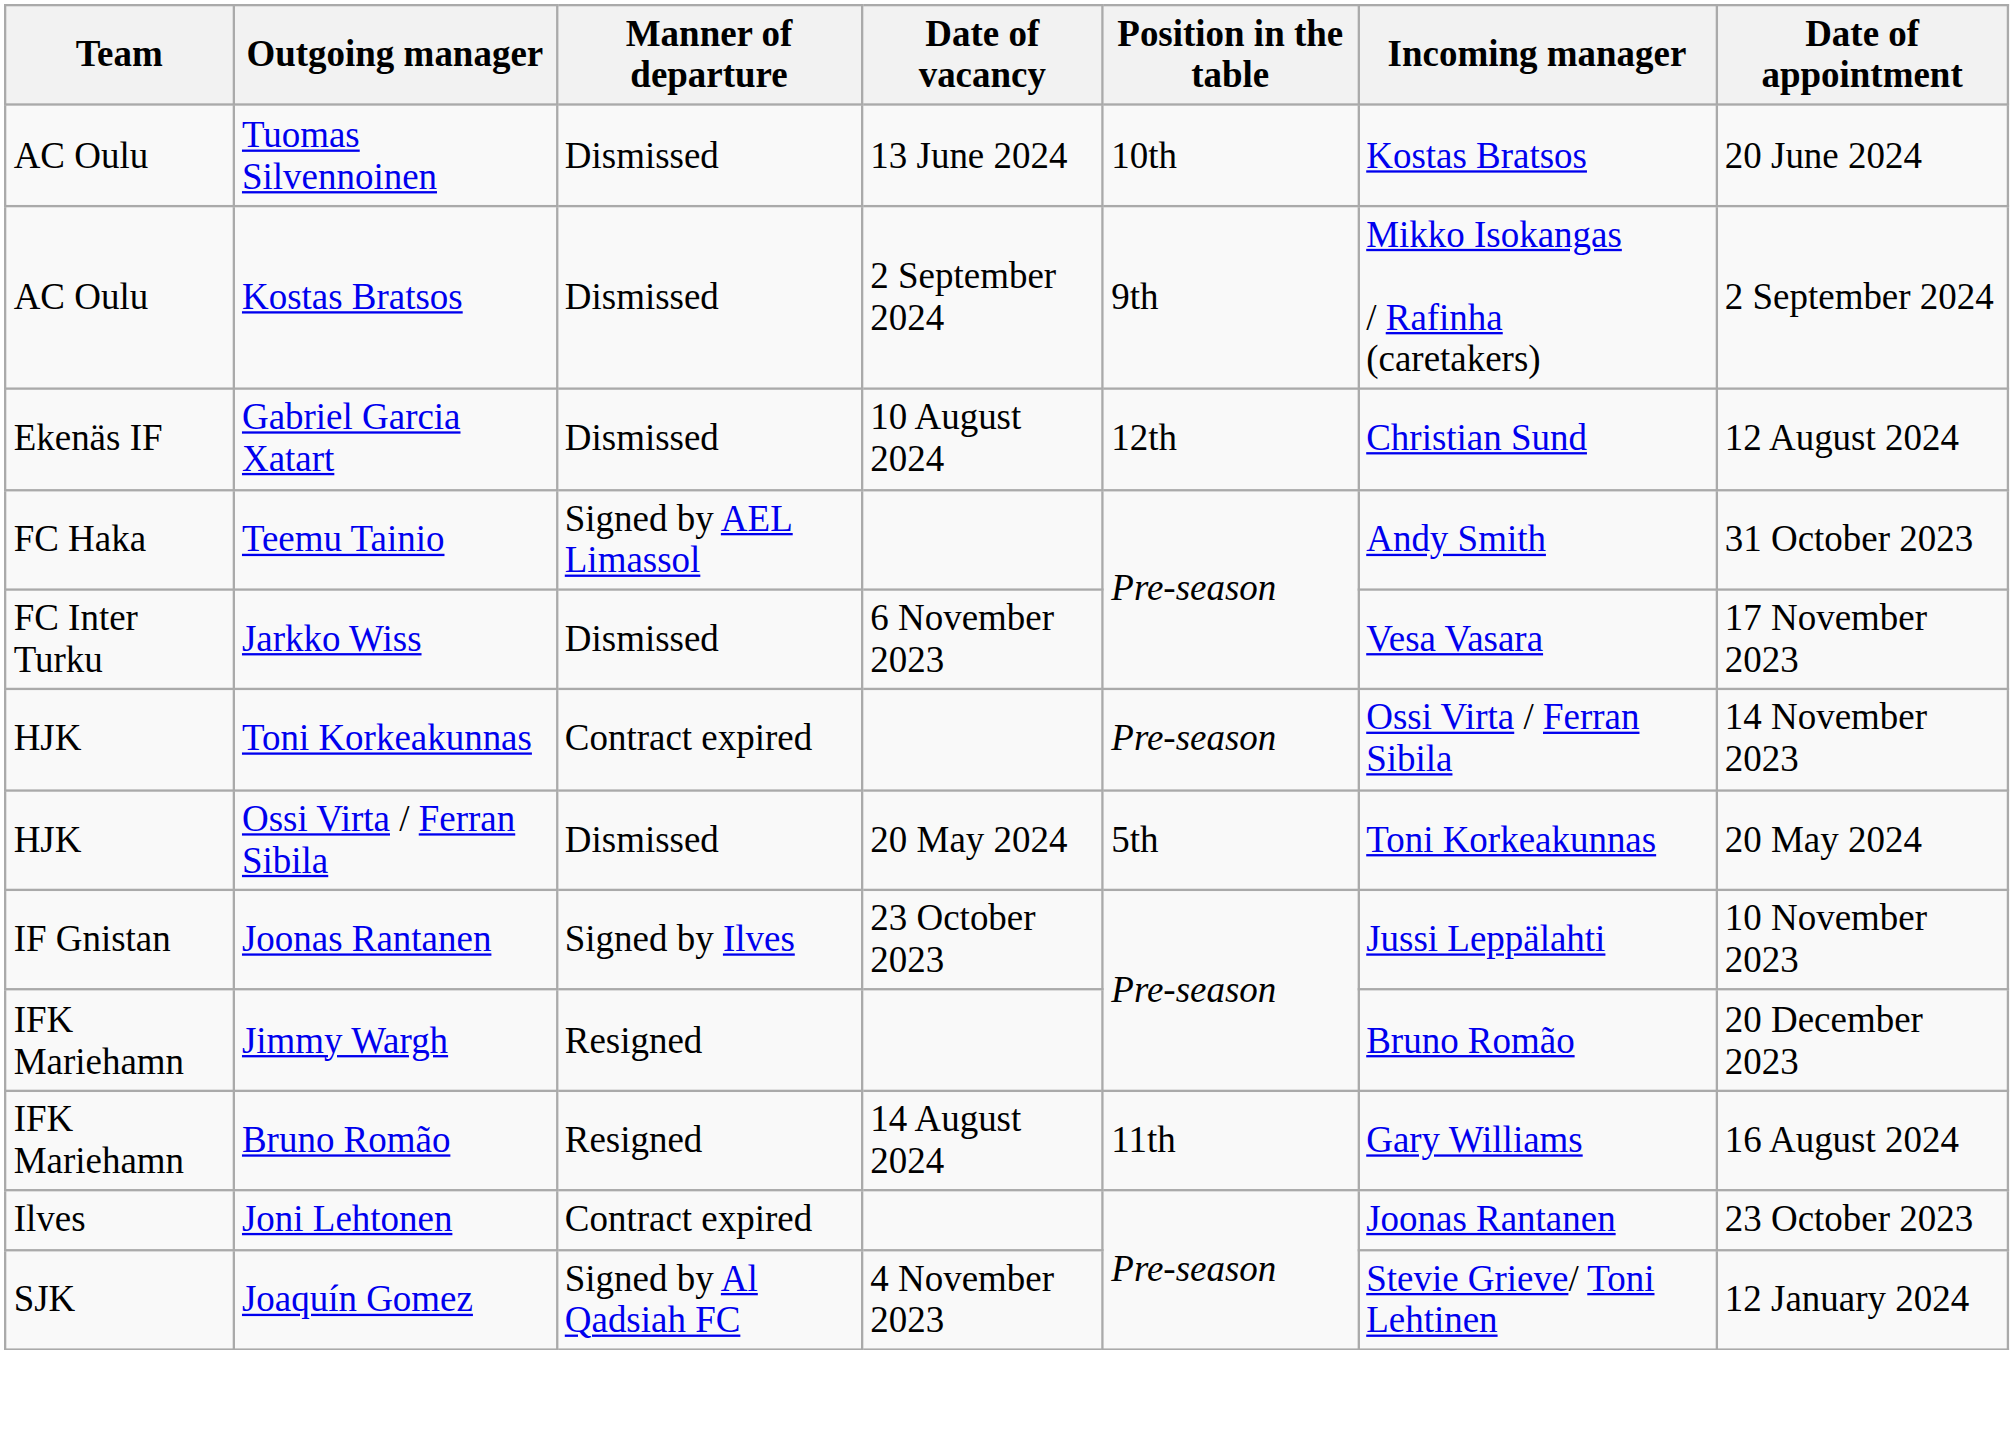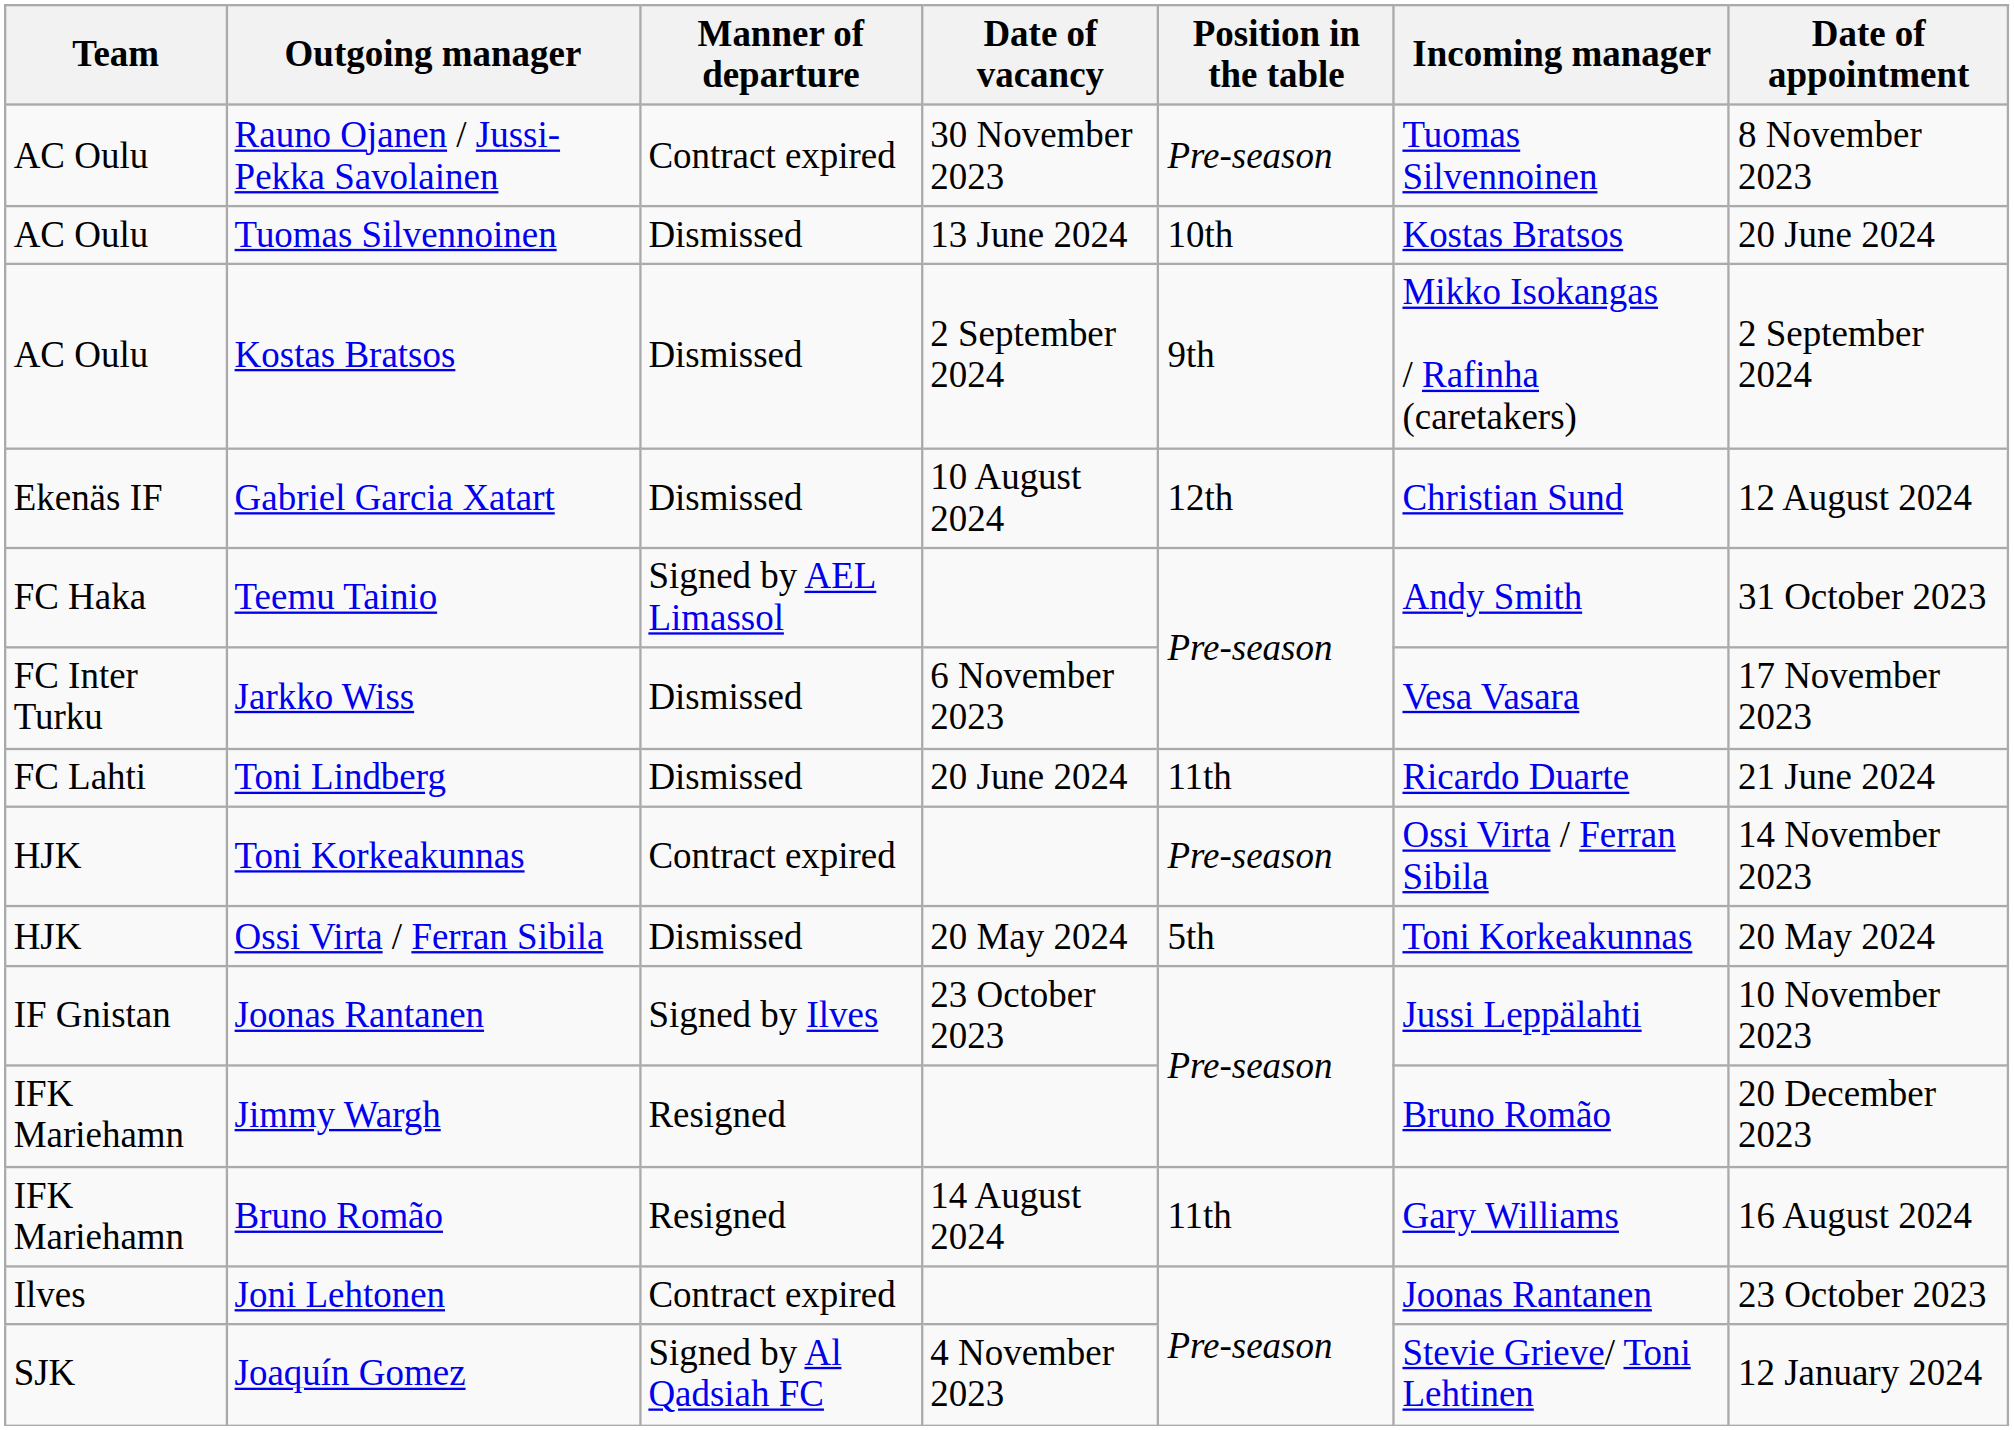 <table class="wikitable">
 <tr>
 <th>Team</th>
 <th>Outgoing manager</th>
 <th>Manner of departure</th>
 <th>Date of vacancy</th>
 <th>Position in the table</th>
 <th>Incoming manager</th>
 <th>Date of appointment</th>
+</tr>
+<tr>
+<td>AC Oulu</td>
+<td> <a href='#'>Rauno Ojanen</a> /  <a href='#'>Jussi-Pekka Savolainen</a></td>
+<td>Contract expired</td>
+<td>30 November 2023</td>
+<td><em>Pre-season</em></td>
+<td> <a href='#'>Tuomas Silvennoinen</a></td>
+<td>8 November 2023</td>
 </tr>
 <tr>
 <td>AC Oulu</td>
 <td> <a href='#'>Tuomas Silvennoinen</a></td>
 <td>Dismissed</td>
 <td>13 June 2024</td>
 <td>10th</td>
 <td> <a href='#'>Kostas Bratsos</a></td>
 <td>20 June 2024</td>
 </tr>
 <tr>
 <td>AC Oulu</td>
 <td> <a href='#'>Kostas Bratsos</a></td>
 <td>Dismissed</td>
 <td>2 September 2024</td>
 <td>9th</td>
 <td> <a href='#'>Mikko Isokangas</a><br><br>/ <a href='#'>Rafinha</a><br> (caretakers)</td>
 <td>2 September 2024</td>
 </tr>
 <tr>
 <td>Ekenäs IF</td>
 <td> <a href='#'>Gabriel Garcia Xatart</a></td>
 <td>Dismissed</td>
 <td>10 August 2024</td>
 <td>12th</td>
 <td> <a href='#'>Christian Sund</a></td>
 <td>12 August 2024</td>
 </tr>
 <tr>
 <td>FC Haka</td>
 <td> <a href='#'>Teemu Tainio</a></td>
 <td>Signed by <a href='#'>AEL Limassol</a></td>
 <td></td>
 <td rowspan=2><em>Pre-season</em></td>
 <td> <a href='#'>Andy Smith</a></td>
 <td>31 October 2023</td>
 </tr>
 <tr>
 <td>FC Inter Turku</td>
 <td> <a href='#'>Jarkko Wiss</a></td>
 <td>Dismissed</td>
 <td>6 November 2023</td>
 <td> <a href='#'>Vesa Vasara</a></td>
 <td>17 November 2023</td>
+</tr>
+<tr>
+<td>FC Lahti</td>
+<td> <a href='#'>Toni Lindberg</a></td>
+<td>Dismissed</td>
+<td>20 June 2024</td>
+<td>11th</td>
+<td> <a href='#'>Ricardo Duarte</a></td>
+<td>21 June 2024</td>
 </tr>
 <tr>
 <td>HJK</td>
 <td> <a href='#'>Toni Korkeakunnas</a></td>
 <td>Contract expired</td>
 <td></td>
 <td><em>Pre-season</em></td>
 <td> <a href='#'>Ossi Virta</a> /  <a href='#'>Ferran Sibila</a></td>
 <td>14 November 2023</td>
 </tr>
 <tr>
 <td>HJK</td>
 <td> <a href='#'>Ossi Virta</a> /  <a href='#'>Ferran Sibila</a></td>
 <td>Dismissed</td>
 <td>20 May 2024</td>
 <td>5th</td>
 <td> <a href='#'>Toni Korkeakunnas</a></td>
 <td>20 May 2024</td>
 </tr>
 <tr>
 <td>IF Gnistan</td>
 <td> <a href='#'>Joonas Rantanen</a></td>
 <td>Signed by <a href='#'>Ilves</a></td>
 <td>23 October 2023</td>
 <td rowspan=2><em>Pre-season</em></td>
 <td> <a href='#'>Jussi Leppälahti</a></td>
 <td>10 November 2023</td>
 </tr>
 <tr>
 <td>IFK Mariehamn</td>
 <td> <a href='#'>Jimmy Wargh</a></td>
 <td>Resigned</td>
 <td></td>
 <td> <a href='#'>Bruno Romão</a></td>
 <td>20 December 2023</td>
 </tr>
 <tr>
 <td>IFK Mariehamn</td>
 <td> <a href='#'>Bruno Romão</a></td>
 <td>Resigned</td>
 <td>14 August 2024</td>
 <td>11th</td>
 <td> <a href='#'>Gary Williams</a></td>
 <td>16 August 2024</td>
 </tr>
 <tr>
 <td>Ilves</td>
 <td> <a href='#'>Joni Lehtonen</a></td>
 <td>Contract expired</td>
 <td></td>
 <td rowspan=2><em>Pre-season</em></td>
 <td> <a href='#'>Joonas Rantanen</a></td>
 <td>23 October 2023</td>
 </tr>
 <tr>
 <td>SJK</td>
 <td> <a href='#'>Joaquín Gomez</a></td>
 <td>Signed by <a href='#'>Al Qadsiah FC</a></td>
 <td>4 November 2023</td>
 <td> <a href='#'>Stevie Grieve</a>/ <a href='#'>Toni Lehtinen</a></td>
 <td>12 January 2024</td>
 </tr>
 </table>
